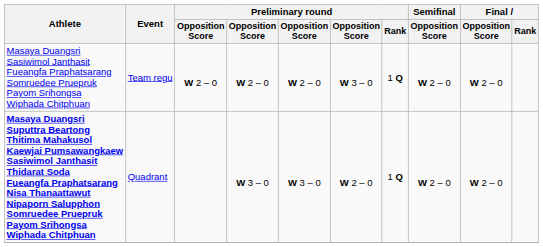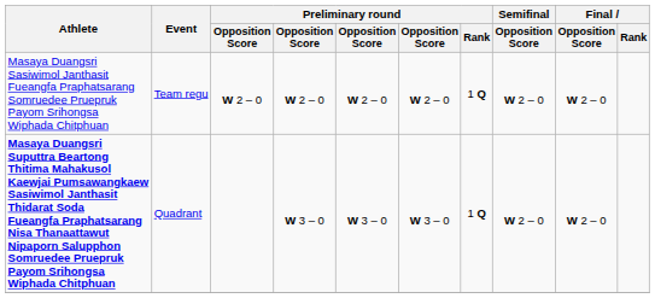 <table class=wikitable style="font-size:90%">
 <tr>
 <th rowspan="2">Athlete</th>
 <th rowspan="2">Event</th>
 <th colspan=5>Preliminary round</th>
 <th>Semifinal</th>
 <th colspan=2>Final / </th>
 </tr>
 <tr style="font-size:95%">
 <th>Opposition<br>Score</th>
 <th>Opposition<br>Score</th>
 <th>Opposition<br>Score</th>
 <th>Opposition<br>Score</th>
 <th>Rank</th>
 <th>Opposition<br>Score</th>
 <th>Opposition<br>Score</th>
 <th>Rank</th>
 </tr>
 <tr>
 <td><a href='#'>Masaya Duangsri</a> <br><a href='#'>Sasiwimol Janthasit</a> <br><a href='#'>Fueangfa Praphatsarang</a> <br><a href='#'>Somruedee Pruepruk</a> <br><a href='#'>Payom Srihongsa</a> <br><a href='#'>Wiphada Chitphuan</a></td>
 <td><a href='#'>Team regu</a></td>
 <td align=center> <br><strong>W</strong> 2 – 0</td>
 <td align=center> <br><strong>W</strong> 2 – 0</td>
 <td align=center> <br><strong>W</strong> 2 – 0</td>
-<td align=center> <br><strong>W</strong> 3 – 0</td>
+<td align=center> <br><strong>W</strong> 2 – 0</td>
 <td align=center>1 <strong>Q</strong></td>
 <td align=center> <br><strong>W</strong> 2 – 0</td>
 <td align=center> <br><strong>W</strong> 2 – 0</td>
 <td align=center></td>
 </tr>
 <tr>
 <td><strong><a href='#'>Masaya Duangsri</a><br> <a href='#'>Suputtra Beartong</a><br> <a href='#'>Thitima Mahakusol</a><br> <a href='#'>Kaewjai Pumsawangkaew</a><br> <a href='#'>Sasiwimol Janthasit</a><br> <a href='#'>Thidarat Soda</a><br> <a href='#'>Fueangfa Praphatsarang</a><br> <a href='#'>Nisa Thanaattawut</a><br> <a href='#'>Nipaporn Salupphon</a><br> <a href='#'>Somruedee Pruepruk</a><br> <a href='#'>Payom Srihongsa</a><br> <a href='#'>Wiphada Chitphuan</a></strong></td>
 <td><a href='#'>Quadrant</a></td>
 <td></td>
 <td align=center> <br><strong>W</strong> 3 – 0</td>
 <td align=center> <br><strong>W</strong> 3 – 0</td>
-<td align=center> <br><strong>W</strong> 2 – 0</td>
+<td align=center> <br><strong>W</strong> 3 – 0</td>
 <td align=center>1 <strong>Q</strong></td>
 <td align=center> <br> <strong>W</strong> 2 – 0</td>
 <td align=center> <br> <strong>W</strong> 2 – 0</td>
 <td align=center></td>
 </tr>
 <tr>
 </tr>
 </table>
